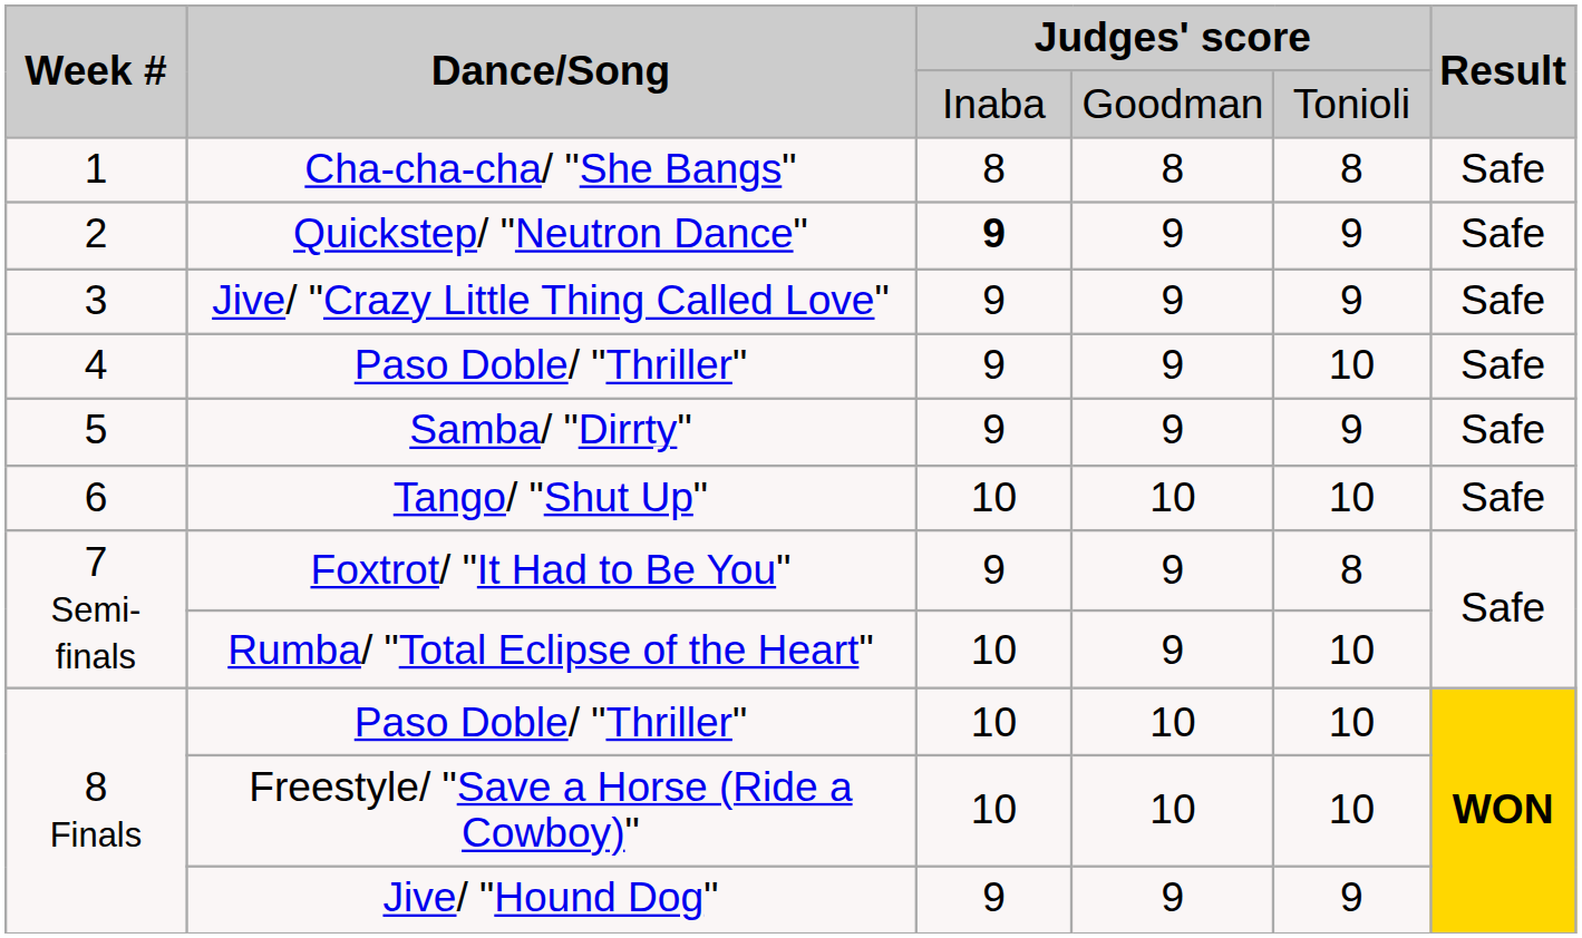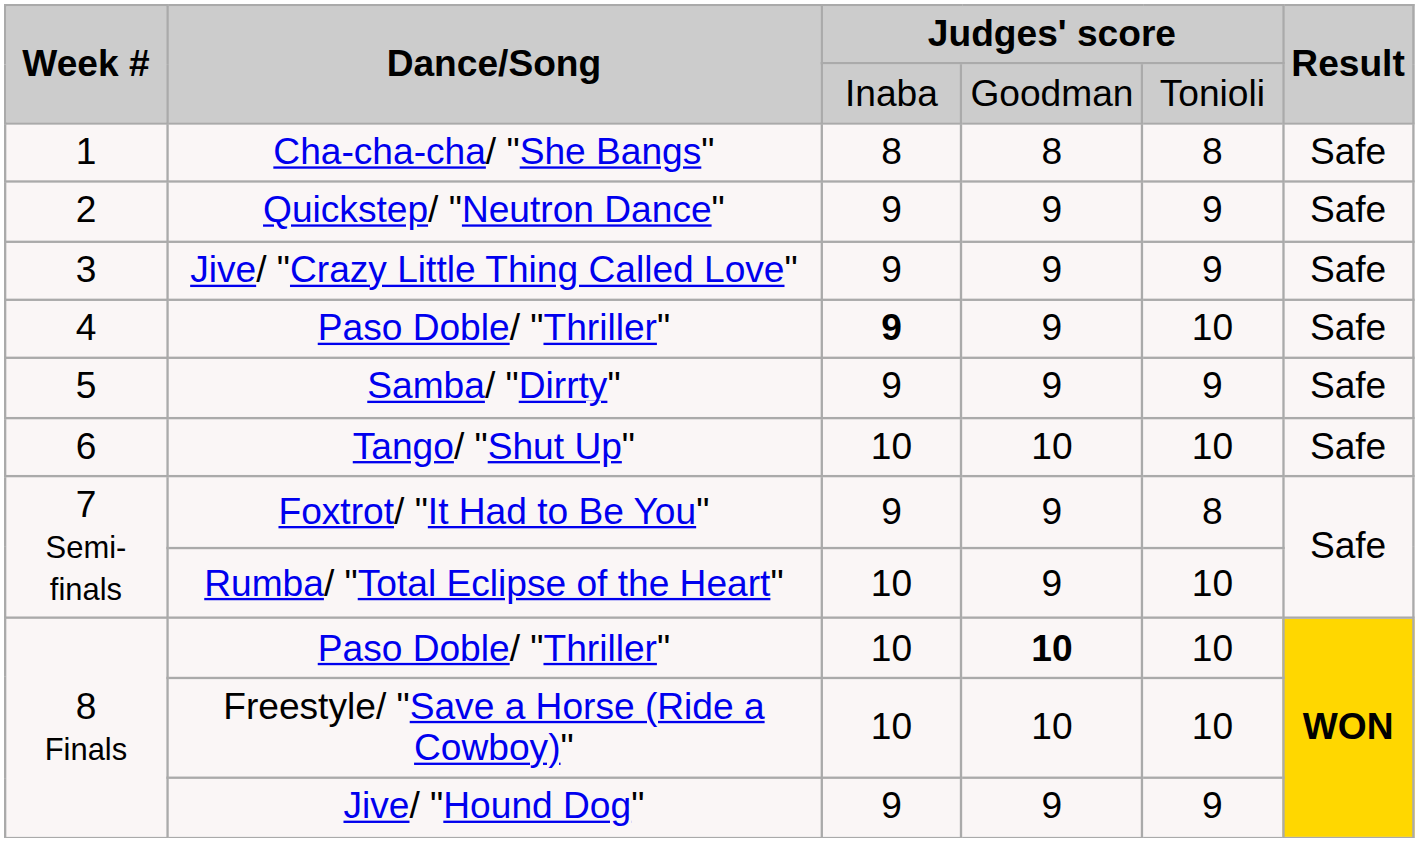 <table class="wikitable" style="text-align: center;">
 <tr style="text-align:Center; background:#ccc;">
 <td rowspan="2"><strong>Week #</strong></td>
 <td rowspan="2"><strong>Dance/Song</strong></td>
 <td colspan="3"><strong>Judges' score</strong></td>
 <td rowspan="2"><strong>Result</strong></td>
 </tr>
 <tr style="text-align:center; background:#ccc;">
 <td style="width:10%; ">Inaba</td>
 <td style="width:10%; ">Goodman</td>
 <td style="width:10%; ">Tonioli</td>
 </tr>
 <tr>
 <td style="text-align:center; background:#faf6f6;">1</td>
 <td style="text-align:center; background:#faf6f6;"><a href='#'>Cha-cha-cha</a>/ "<a href='#'>She Bangs</a>"</td>
 <td style="text-align:center; background:#faf6f6;">8</td>
 <td style="text-align:center; background:#faf6f6;">8</td>
 <td style="text-align:center; background:#faf6f6;">8</td>
 <td style="text-align:center; background:#faf6f6;">Safe</td>
 </tr>
 <tr style="text-align:center; background:#faf6f6;">
 <td>2</td>
 <td><a href='#'>Quickstep</a>/ "<a href='#'>Neutron Dance</a>"</td>
-<td><strong>9</strong></td>
+<td>9</td>
 <td>9</td>
 <td>9</td>
 <td>Safe</td>
 </tr>
 <tr>
 <td style="text-align:center; background:#faf6f6;">3</td>
 <td style="text-align:center; background:#faf6f6;"><a href='#'>Jive</a>/ "<a href='#'>Crazy Little Thing Called Love</a>"</td>
 <td style="text-align:center; background:#faf6f6;">9</td>
 <td style="text-align:center; background:#faf6f6;">9</td>
 <td style="text-align:center; background:#faf6f6;">9</td>
 <td style="text-align:center; background:#faf6f6;">Safe</td>
 </tr>
 <tr>
 <td style="text-align:center; background:#faf6f6;">4</td>
 <td style="text-align:center; background:#faf6f6;"><a href='#'>Paso Doble</a>/ "<a href='#'>Thriller</a>"</td>
-<td style="text-align:center; background:#faf6f6;">9</td>
+<td style="text-align:center; background:#faf6f6;"><strong>9</strong></td>
 <td style="text-align:center; background:#faf6f6;">9</td>
 <td style="text-align:center; background:#faf6f6;">10</td>
 <td style="text-align:center; background:#faf6f6;">Safe</td>
 </tr>
 <tr>
 <td style="text-align:center; background:#faf6f6;">5</td>
 <td style="text-align:center; background:#faf6f6;"><a href='#'>Samba</a>/ "<a href='#'>Dirrty</a>"</td>
 <td style="text-align:center; background:#faf6f6;">9</td>
 <td style="text-align:center; background:#faf6f6;">9</td>
 <td style="text-align:center; background:#faf6f6;">9</td>
 <td style="text-align:center; background:#faf6f6;">Safe</td>
 </tr>
 <tr>
 <td style="text-align:center; background:#faf6f6;">6</td>
 <td style="text-align:center; background:#faf6f6;"><a href='#'>Tango</a>/ "<a href='#'>Shut Up</a>"</td>
 <td style="text-align:center; background:#faf6f6;">10</td>
 <td style="text-align:center; background:#faf6f6;">10</td>
 <td style="text-align:center; background:#faf6f6;">10</td>
 <td style="text-align:center; background:#faf6f6;">Safe</td>
 </tr>
 <tr style="text-align:center; background:#faf6f6;">
 <td rowspan="2">7<br><small>Semi-finals</small></td>
 <td><a href='#'>Foxtrot</a>/ "<a href='#'>It Had to Be You</a>"</td>
 <td>9</td>
 <td>9</td>
 <td>8</td>
 <td rowspan="2">Safe</td>
 </tr>
 <tr>
 <td style="text-align:center; background:#faf6f6;"><a href='#'>Rumba</a>/ "<a href='#'>Total Eclipse of the Heart</a>"</td>
 <td style="text-align:center; background:#faf6f6;">10</td>
 <td style="text-align:center; background:#faf6f6;">9</td>
 <td style="text-align:center; background:#faf6f6;">10</td>
 </tr>
 <tr>
 <td rowspan="3" style="text-align:center; background:#faf6f6;">8<br><small>Finals</small></td>
 <td style="text-align:center; background:#faf6f6;"><a href='#'>Paso Doble</a>/ "<a href='#'>Thriller</a>"</td>
 <td style="text-align:center; background:#faf6f6;">10</td>
-<td style="text-align:center; background:#faf6f6;">10</td>
+<td style="text-align:center; background:#faf6f6;"><strong>10</strong></td>
 <td style="text-align:center; background:#faf6f6;">10</td>
 <td rowspan="3" style="text-align:center; background:gold;"><strong>WON</strong></td>
 </tr>
 <tr>
 <td style="text-align:center; background:#faf6f6;">Freestyle/ "<a href='#'>Save a Horse (Ride a Cowboy)</a>"</td>
 <td style="text-align:center; background:#faf6f6;">10</td>
 <td style="text-align:center; background:#faf6f6;">10</td>
 <td style="text-align:center; background:#faf6f6;">10</td>
 </tr>
 <tr>
 <td style="text-align:center; background:#faf6f6;"><a href='#'>Jive</a>/ "<a href='#'>Hound Dog</a>"</td>
 <td style="text-align:center; background:#faf6f6;">9</td>
 <td style="text-align:center; background:#faf6f6;">9</td>
 <td style="text-align:center; background:#faf6f6;">9</td>
 </tr>
 </table>
